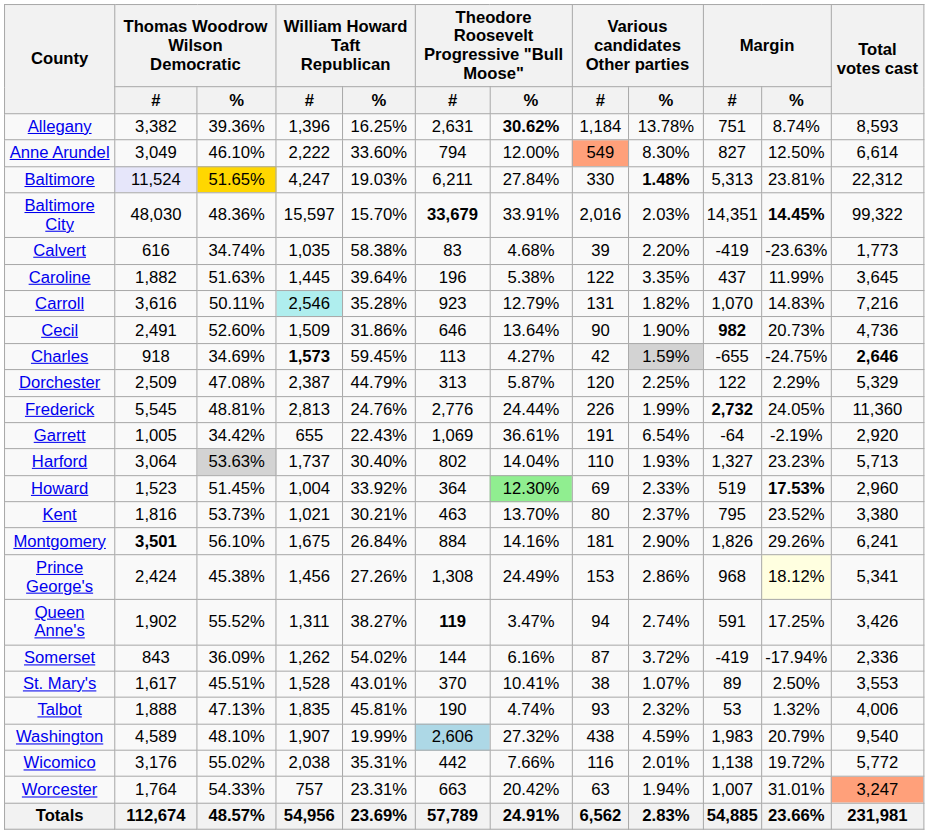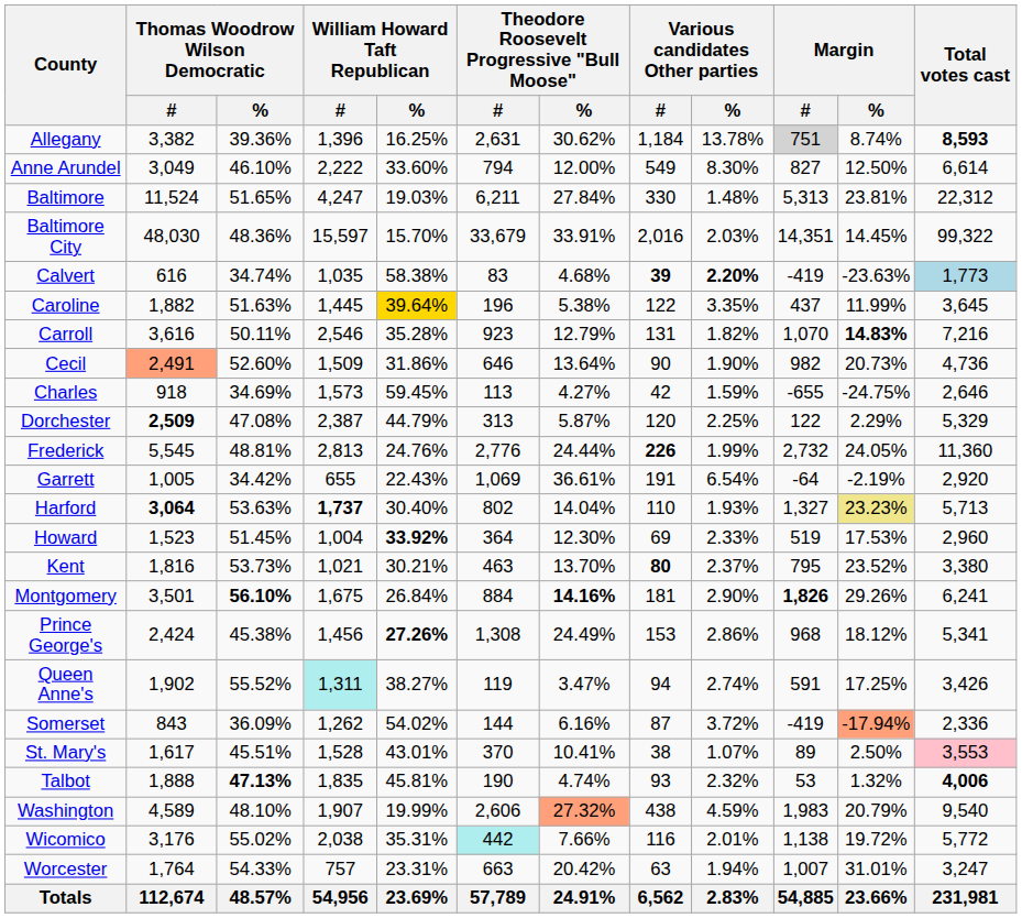 <table width="70%"  class="wikitable sortable" style="text-align:center">
 <tr>
 <th style="text-align:center;" rowspan="2">County</th>
 <th style="text-align:center;" colspan="2">Thomas Woodrow Wilson<br>Democratic</th>
 <th style="text-align:center;" colspan="2">William Howard Taft<br>Republican</th>
 <th style="text-align:center;" colspan="2">Theodore Roosevelt<br>Progressive "Bull Moose"</th>
 <th style="text-align:center;" colspan="2">Various candidates<br>Other parties</th>
 <th style="text-align:center;" colspan="2">Margin</th>
 <th style="text-align:center;" rowspan="2">Total votes cast</th>
 </tr>
 <tr>
 <th style="text-align:center;" data-sort-type="number">#</th>
 <th style="text-align:center;" data-sort-type="number">%</th>
 <th style="text-align:center;" data-sort-type="number">#</th>
 <th style="text-align:center;" data-sort-type="number">%</th>
 <th style="text-align:center;" data-sort-type="number">#</th>
 <th style="text-align:center;" data-sort-type="number">%</th>
 <th style="text-align:center;" data-sort-type="number">#</th>
 <th style="text-align:center;" data-sort-type="number">%</th>
 <th style="text-align:center;" data-sort-type="number">#</th>
 <th style="text-align:center;" data-sort-type="number">%</th>
 </tr>
 <tr style="text-align:center;">
 <td><a href='#'>Allegany</a></td>
 <td>3,382</td>
 <td>39.36%</td>
 <td>1,396</td>
 <td>16.25%</td>
 <td>2,631</td>
-<td><strong>30.62%</strong></td>
+<td>30.62%</td>
 <td>1,184</td>
 <td>13.78%</td>
-<td>751</td>
+<td style="background: lightgrey;">751</td>
 <td>8.74%</td>
-<td>8,593</td>
+<td><strong>8,593</strong></td>
 </tr>
 <tr style="text-align:center;">
 <td><a href='#'>Anne Arundel</a></td>
 <td>3,049</td>
 <td>46.10%</td>
 <td>2,222</td>
 <td>33.60%</td>
 <td>794</td>
 <td>12.00%</td>
-<td style="background: lightsalmon;">549</td>
+<td>549</td>
 <td>8.30%</td>
 <td>827</td>
 <td>12.50%</td>
 <td>6,614</td>
 </tr>
 <tr style="text-align:center;">
 <td><a href='#'>Baltimore</a></td>
-<td style="background: lavender;">11,524</td>
-<td style="background: gold;">51.65%</td>
+<td>11,524</td>
+<td>51.65%</td>
 <td>4,247</td>
 <td>19.03%</td>
 <td>6,211</td>
 <td>27.84%</td>
 <td>330</td>
-<td><strong>1.48%</strong></td>
+<td>1.48%</td>
 <td>5,313</td>
 <td>23.81%</td>
 <td>22,312</td>
 </tr>
 <tr style="text-align:center;">
 <td><a href='#'>Baltimore City</a></td>
 <td>48,030</td>
 <td>48.36%</td>
 <td>15,597</td>
 <td>15.70%</td>
-<td><strong>33,679</strong></td>
+<td>33,679</td>
 <td>33.91%</td>
 <td>2,016</td>
 <td>2.03%</td>
 <td>14,351</td>
-<td><strong>14.45%</strong></td>
+<td>14.45%</td>
 <td>99,322</td>
 </tr>
 <tr style="text-align:center;">
 <td><a href='#'>Calvert</a></td>
 <td>616</td>
 <td>34.74%</td>
 <td>1,035</td>
 <td>58.38%</td>
 <td>83</td>
 <td>4.68%</td>
-<td>39</td>
-<td>2.20%</td>
+<td><strong>39</strong></td>
+<td><strong>2.20%</strong></td>
 <td>-419</td>
 <td>-23.63%</td>
-<td>1,773</td>
+<td style="background: lightblue;">1,773</td>
 </tr>
 <tr style="text-align:center;">
 <td><a href='#'>Caroline</a></td>
 <td>1,882</td>
 <td>51.63%</td>
 <td>1,445</td>
-<td>39.64%</td>
+<td style="background: gold;">39.64%</td>
 <td>196</td>
 <td>5.38%</td>
 <td>122</td>
 <td>3.35%</td>
 <td>437</td>
 <td>11.99%</td>
 <td>3,645</td>
 </tr>
 <tr style="text-align:center;">
 <td><a href='#'>Carroll</a></td>
 <td>3,616</td>
 <td>50.11%</td>
-<td style="background: paleturquoise;">2,546</td>
+<td>2,546</td>
 <td>35.28%</td>
 <td>923</td>
 <td>12.79%</td>
 <td>131</td>
 <td>1.82%</td>
 <td>1,070</td>
-<td>14.83%</td>
+<td><strong>14.83%</strong></td>
 <td>7,216</td>
 </tr>
 <tr style="text-align:center;">
 <td><a href='#'>Cecil</a></td>
-<td>2,491</td>
+<td style="background: lightsalmon;">2,491</td>
 <td>52.60%</td>
 <td>1,509</td>
 <td>31.86%</td>
 <td>646</td>
 <td>13.64%</td>
 <td>90</td>
 <td>1.90%</td>
-<td><strong>982</strong></td>
+<td>982</td>
 <td>20.73%</td>
 <td>4,736</td>
 </tr>
 <tr style="text-align:center;">
 <td><a href='#'>Charles</a></td>
 <td>918</td>
 <td>34.69%</td>
-<td><strong>1,573</strong></td>
+<td>1,573</td>
 <td>59.45%</td>
 <td>113</td>
 <td>4.27%</td>
 <td>42</td>
-<td style="background: lightgrey;">1.59%</td>
+<td>1.59%</td>
 <td>-655</td>
 <td>-24.75%</td>
-<td><strong>2,646</strong></td>
+<td>2,646</td>
 </tr>
 <tr style="text-align:center;">
 <td><a href='#'>Dorchester</a></td>
-<td>2,509</td>
+<td><strong>2,509</strong></td>
 <td>47.08%</td>
 <td>2,387</td>
 <td>44.79%</td>
 <td>313</td>
 <td>5.87%</td>
 <td>120</td>
 <td>2.25%</td>
 <td>122</td>
 <td>2.29%</td>
 <td>5,329</td>
 </tr>
 <tr style="text-align:center;">
 <td><a href='#'>Frederick</a></td>
 <td>5,545</td>
 <td>48.81%</td>
 <td>2,813</td>
 <td>24.76%</td>
 <td>2,776</td>
 <td>24.44%</td>
-<td>226</td>
+<td><strong>226</strong></td>
 <td>1.99%</td>
-<td><strong>2,732</strong></td>
+<td>2,732</td>
 <td>24.05%</td>
 <td>11,360</td>
 </tr>
 <tr style="text-align:center;">
 <td><a href='#'>Garrett</a></td>
 <td>1,005</td>
 <td>34.42%</td>
 <td>655</td>
 <td>22.43%</td>
 <td>1,069</td>
 <td>36.61%</td>
 <td>191</td>
 <td>6.54%</td>
 <td>-64</td>
 <td>-2.19%</td>
 <td>2,920</td>
 </tr>
 <tr style="text-align:center;">
 <td><a href='#'>Harford</a></td>
-<td>3,064</td>
-<td style="background: lightgrey;">53.63%</td>
-<td>1,737</td>
+<td><strong>3,064</strong></td>
+<td>53.63%</td>
+<td><strong>1,737</strong></td>
 <td>30.40%</td>
 <td>802</td>
 <td>14.04%</td>
 <td>110</td>
 <td>1.93%</td>
 <td>1,327</td>
-<td>23.23%</td>
+<td style="background: khaki;">23.23%</td>
 <td>5,713</td>
 </tr>
 <tr style="text-align:center;">
 <td><a href='#'>Howard</a></td>
 <td>1,523</td>
 <td>51.45%</td>
 <td>1,004</td>
-<td>33.92%</td>
+<td><strong>33.92%</strong></td>
 <td>364</td>
-<td style="background: lightgreen;">12.30%</td>
+<td>12.30%</td>
 <td>69</td>
 <td>2.33%</td>
 <td>519</td>
-<td><strong>17.53%</strong></td>
+<td>17.53%</td>
 <td>2,960</td>
 </tr>
 <tr style="text-align:center;">
 <td><a href='#'>Kent</a></td>
 <td>1,816</td>
 <td>53.73%</td>
 <td>1,021</td>
 <td>30.21%</td>
 <td>463</td>
 <td>13.70%</td>
-<td>80</td>
+<td><strong>80</strong></td>
 <td>2.37%</td>
 <td>795</td>
 <td>23.52%</td>
 <td>3,380</td>
 </tr>
 <tr style="text-align:center;">
 <td><a href='#'>Montgomery</a></td>
-<td><strong>3,501</strong></td>
-<td>56.10%</td>
+<td>3,501</td>
+<td><strong>56.10%</strong></td>
 <td>1,675</td>
 <td>26.84%</td>
 <td>884</td>
-<td>14.16%</td>
+<td><strong>14.16%</strong></td>
 <td>181</td>
 <td>2.90%</td>
-<td>1,826</td>
+<td><strong>1,826</strong></td>
 <td>29.26%</td>
 <td>6,241</td>
 </tr>
 <tr style="text-align:center;">
 <td><a href='#'>Prince George's</a></td>
 <td>2,424</td>
 <td>45.38%</td>
 <td>1,456</td>
-<td>27.26%</td>
+<td><strong>27.26%</strong></td>
 <td>1,308</td>
 <td>24.49%</td>
 <td>153</td>
 <td>2.86%</td>
 <td>968</td>
-<td style="background: lightyellow;">18.12%</td>
+<td>18.12%</td>
 <td>5,341</td>
 </tr>
 <tr style="text-align:center;">
 <td><a href='#'>Queen Anne's</a></td>
 <td>1,902</td>
 <td>55.52%</td>
-<td>1,311</td>
+<td style="background: paleturquoise;">1,311</td>
 <td>38.27%</td>
-<td><strong>119</strong></td>
+<td>119</td>
 <td>3.47%</td>
 <td>94</td>
 <td>2.74%</td>
 <td>591</td>
 <td>17.25%</td>
 <td>3,426</td>
 </tr>
 <tr style="text-align:center;">
 <td><a href='#'>Somerset</a></td>
 <td>843</td>
 <td>36.09%</td>
 <td>1,262</td>
 <td>54.02%</td>
 <td>144</td>
 <td>6.16%</td>
 <td>87</td>
 <td>3.72%</td>
 <td>-419</td>
-<td>-17.94%</td>
+<td style="background: lightsalmon;">-17.94%</td>
 <td>2,336</td>
 </tr>
 <tr style="text-align:center;">
 <td><a href='#'>St. Mary's</a></td>
 <td>1,617</td>
 <td>45.51%</td>
 <td>1,528</td>
 <td>43.01%</td>
 <td>370</td>
 <td>10.41%</td>
 <td>38</td>
 <td>1.07%</td>
 <td>89</td>
 <td>2.50%</td>
-<td>3,553</td>
+<td style="background: pink;">3,553</td>
 </tr>
 <tr style="text-align:center;">
 <td><a href='#'>Talbot</a></td>
 <td>1,888</td>
-<td>47.13%</td>
+<td><strong>47.13%</strong></td>
 <td>1,835</td>
 <td>45.81%</td>
 <td>190</td>
 <td>4.74%</td>
 <td>93</td>
 <td>2.32%</td>
 <td>53</td>
 <td>1.32%</td>
-<td>4,006</td>
+<td><strong>4,006</strong></td>
 </tr>
 <tr style="text-align:center;">
 <td><a href='#'>Washington</a></td>
 <td>4,589</td>
 <td>48.10%</td>
 <td>1,907</td>
 <td>19.99%</td>
-<td style="background: lightblue;">2,606</td>
-<td>27.32%</td>
+<td>2,606</td>
+<td style="background: lightsalmon;">27.32%</td>
 <td>438</td>
 <td>4.59%</td>
 <td>1,983</td>
 <td>20.79%</td>
 <td>9,540</td>
 </tr>
 <tr style="text-align:center;">
 <td><a href='#'>Wicomico</a></td>
 <td>3,176</td>
 <td>55.02%</td>
 <td>2,038</td>
 <td>35.31%</td>
-<td>442</td>
+<td style="background: paleturquoise;">442</td>
 <td>7.66%</td>
 <td>116</td>
 <td>2.01%</td>
 <td>1,138</td>
 <td>19.72%</td>
 <td>5,772</td>
 </tr>
 <tr style="text-align:center;">
 <td><a href='#'>Worcester</a></td>
 <td>1,764</td>
 <td>54.33%</td>
 <td>757</td>
 <td>23.31%</td>
 <td>663</td>
 <td>20.42%</td>
 <td>63</td>
 <td>1.94%</td>
 <td>1,007</td>
 <td>31.01%</td>
-<td style="background: lightsalmon;">3,247</td>
+<td>3,247</td>
 </tr>
 <tr style="text-align:center;">
 <th>Totals</th>
 <th>112,674</th>
 <th>48.57%</th>
 <th>54,956</th>
 <th>23.69%</th>
 <th>57,789</th>
 <th>24.91%</th>
 <th>6,562</th>
 <th>2.83%</th>
 <th>54,885</th>
 <th>23.66%</th>
 <th>231,981</th>
 </tr>
 </table>
